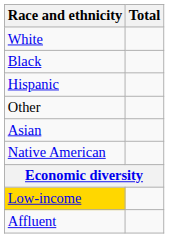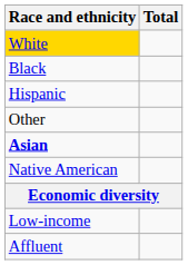 <table class="wikitable floatright sortable collapsible"; text-align:right; font-size:80%;">
 <tr>
 <th>Race and ethnicity</th>
 <th colspan="2" data-sort-type=number>Total</th>
 </tr>
 <tr>
-<td><a href='#'>White</a></td>
+<td style="background: gold;"><a href='#'>White</a></td>
 <td align=right></td>
 </tr>
 <tr>
 <td><a href='#'>Black</a></td>
 <td align=right></td>
 </tr>
 <tr>
 <td><a href='#'>Hispanic</a></td>
 <td align=right></td>
 </tr>
 <tr>
 <td>Other</td>
 <td align=right></td>
 </tr>
 <tr>
-<td><a href='#'>Asian</a></td>
+<td><strong><a href='#'>Asian</a></strong></td>
 <td align=right></td>
 </tr>
 <tr>
 <td><a href='#'>Native American</a></td>
 <td align=right></td>
 </tr>
 <tr>
 <th colspan="4" data-sort-type=number><a href='#'>Economic diversity</a></th>
 </tr>
 <tr>
-<td style="background: gold;"><a href='#'>Low-income</a></td>
+<td><a href='#'>Low-income</a></td>
 <td align=right></td>
 </tr>
 <tr>
 <td><a href='#'>Affluent</a></td>
 <td align=right></td>
 </tr>
 </table>
